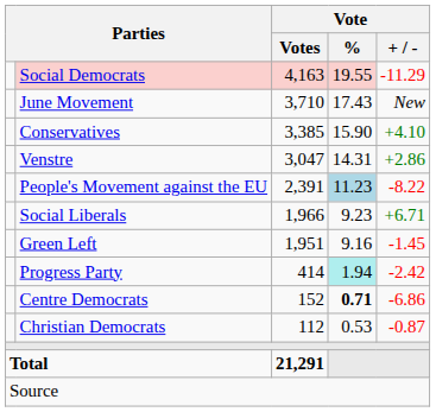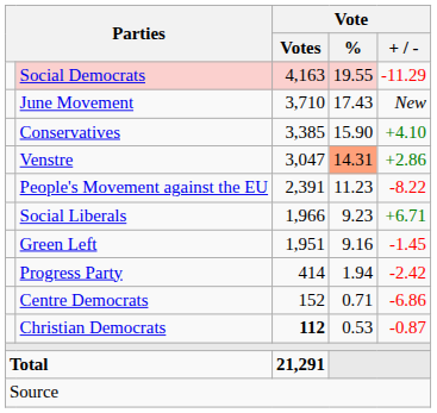 <table class="wikitable" style="text-align:right;">
 <tr>
 <th style="text-align:centre;" rowspan="2" colspan="2" width="225">Parties</th>
 <th colspan="3">Vote</th>
 </tr>
 <tr>
 <th width="15">Votes</th>
 <th width="15">%</th>
 <th width="15">+ / -</th>
 </tr>
 <tr>
 <td width="2" style="color:inherit;background:"></td>
 <td bgcolor=#fbd0ce   align="left"><a href='#'>Social Democrats</a></td>
 <td bgcolor=#fbd0ce>4,163</td>
 <td bgcolor=#fbd0ce>19.55</td>
 <td style=color:red;>-11.29</td>
 </tr>
 <tr>
 <td width="2" style="color:inherit;background:"></td>
 <td align="left"><a href='#'>June Movement</a></td>
 <td>3,710</td>
 <td>17.43</td>
 <td><em>New</em></td>
 </tr>
 <tr>
 <td width="2" style="color:inherit;background:"></td>
 <td align="left"><a href='#'>Conservatives</a></td>
 <td>3,385</td>
 <td>15.90</td>
 <td style=color:green;>+4.10</td>
 </tr>
 <tr>
 <td width="2" style="color:inherit;background:"></td>
 <td align="left"><a href='#'>Venstre</a></td>
 <td>3,047</td>
-<td>14.31</td>
+<td style="background: lightsalmon;">14.31</td>
 <td style=color:green;>+2.86</td>
 </tr>
 <tr>
 <td width="2" style="color:inherit;background:"></td>
 <td align="left"><a href='#'>People's Movement against the EU</a></td>
 <td>2,391</td>
-<td style="background: lightblue;">11.23</td>
+<td>11.23</td>
 <td style=color:red;>-8.22</td>
 </tr>
 <tr>
 <td width="2" style="color:inherit;background:"></td>
 <td align="left"><a href='#'>Social Liberals</a></td>
 <td>1,966</td>
 <td>9.23</td>
 <td style=color:green;>+6.71</td>
 </tr>
 <tr>
 <td width="2" style="color:inherit;background:"></td>
 <td align="left"><a href='#'>Green Left</a></td>
 <td>1,951</td>
 <td>9.16</td>
 <td style=color:red;>-1.45</td>
 </tr>
 <tr>
 <td width="2" style="color:inherit;background:"></td>
 <td align="left"><a href='#'>Progress Party</a></td>
 <td>414</td>
-<td style="background: paleturquoise;">1.94</td>
+<td>1.94</td>
 <td style=color:red;>-2.42</td>
 </tr>
 <tr>
 <td width="2" style="color:inherit;background:"></td>
 <td align="left"><a href='#'>Centre Democrats</a></td>
 <td>152</td>
-<td><strong>0.71</strong></td>
+<td>0.71</td>
 <td style=color:red;>-6.86</td>
 </tr>
 <tr>
 <td width="2" style="color:inherit;background:"></td>
 <td align="left"><a href='#'>Christian Democrats</a></td>
-<td>112</td>
+<td><strong>112</strong></td>
 <td>0.53</td>
 <td style=color:red;>-0.87</td>
 </tr>
 <tr>
 <td colspan="7" bgcolor="#E9E9E9"></td>
 </tr>
 <tr>
 <td align="left" colspan="2"><strong>Total</strong></td>
 <td><strong>21,291</strong></td>
 <td bgcolor="#E9E9E9" colspan="2"></td>
 </tr>
 <tr>
 <td align="left" colspan="6">Source</td>
 </tr>
 </table>
